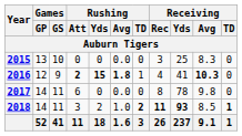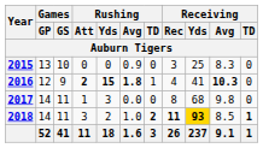 <table class="wikitable" style="text-align:center;">
 <tr>
 <th rowspan="2">Year</th>
 <th colspan="2">Games</th>
 <th colspan="4">Rushing</th>
 <th colspan="5">Receiving</th>
 </tr>
 <tr>
 <th>GP</th>
 <th>GS</th>
 <th>Att</th>
 <th>Yds</th>
 <th>Avg</th>
 <th>TD</th>
 <th>Rec</th>
 <th>Yds</th>
 <th>Avg</th>
 <th>TD</th>
 </tr>
 <tr>
 <th colspan="12">Auburn Tigers</th>
 </tr>
 <tr>
 <th><a href='#'>2015</a></th>
 <td>13</td>
 <td>10</td>
 <td>0</td>
 <td>0</td>
-<td>0.0</td>
+<td>0.9</td>
 <td>0</td>
 <td>3</td>
 <td>25</td>
 <td>8.3</td>
 <td>0</td>
 </tr>
 <tr>
 <th><a href='#'>2016</a></th>
 <td>12</td>
 <td>9</td>
 <td><strong>2</strong></td>
 <td><strong>15</strong></td>
 <td><strong>1.8</strong></td>
 <td>1</td>
 <td>4</td>
 <td>41</td>
 <td><strong>10.3</strong></td>
 <td>0</td>
 </tr>
 <tr>
 <th><a href='#'>2017</a></th>
 <td>14</td>
 <td>11</td>
-<td>6</td>
-<td>0</td>
+<td>1</td>
+<td>3</td>
 <td>0.0</td>
 <td>0</td>
 <td>8</td>
-<td>78</td>
+<td>68</td>
 <td>9.8</td>
 <td>0</td>
 </tr>
 <tr>
 <th><a href='#'>2018</a></th>
 <td>14</td>
 <td>11</td>
 <td>3</td>
 <td>2</td>
 <td>1.0</td>
 <td><strong>2</strong></td>
 <td><strong>11</strong></td>
-<td><strong>93</strong></td>
+<td style="background: gold;"><strong>93</strong></td>
 <td>8.5</td>
 <td><strong>1</strong></td>
 </tr>
 <tr>
 <th></th>
 <th>52</th>
 <th>41</th>
 <th>11</th>
 <th>18</th>
 <th>1.6</th>
 <th>3</th>
 <th>26</th>
 <th>237</th>
 <th>9.1</th>
 <th>1</th>
 </tr>
 </table>
